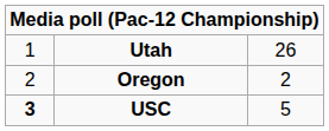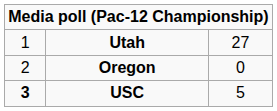 <table class="wikitable">
 <tr align="center">
 <td align="center" Colspan="3"><strong>Media poll (Pac-12 Championship)</strong></td>
 </tr>
 <tr align="center">
 </tr>
 <tr align="center">
 <td>1</td>
 <td><strong>Utah</strong></td>
-<td>26</td>
+<td>27</td>
 </tr>
 <tr align="center">
 <td>2</td>
 <td><strong>Oregon</strong></td>
-<td>2</td>
+<td>0</td>
 </tr>
 <tr align="center">
 <td><strong>3</strong></td>
 <td><strong>USC</strong></td>
 <td>5</td>
 </tr>
 </table>
